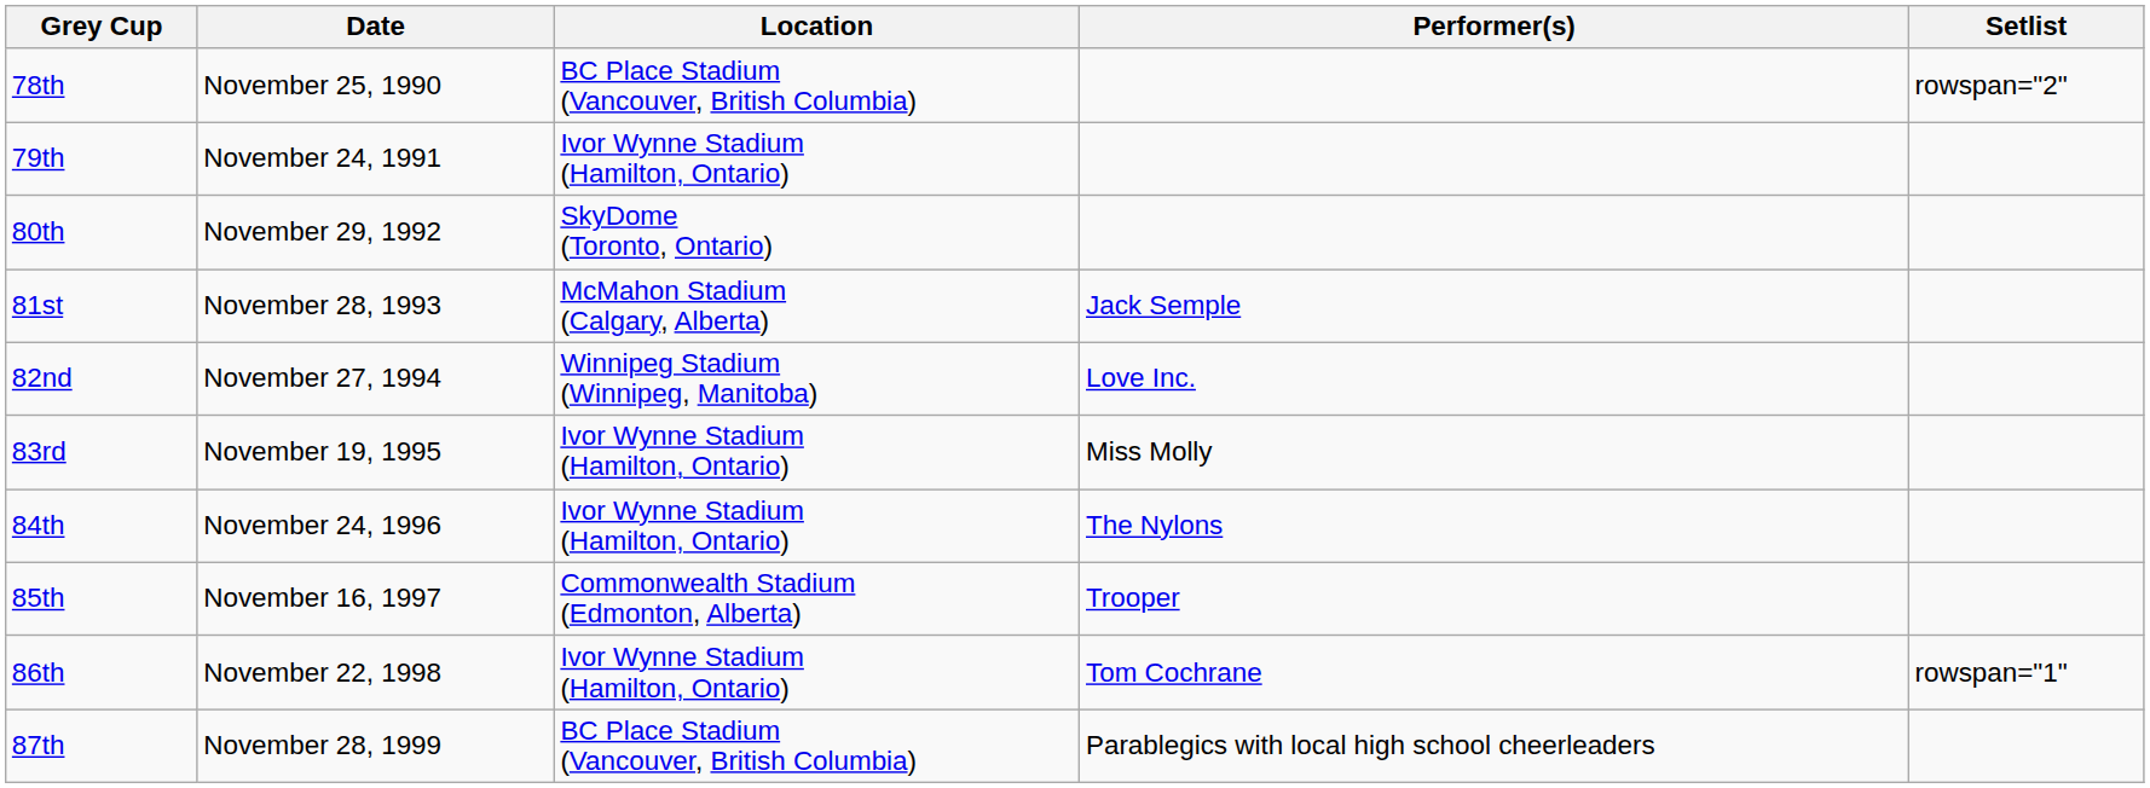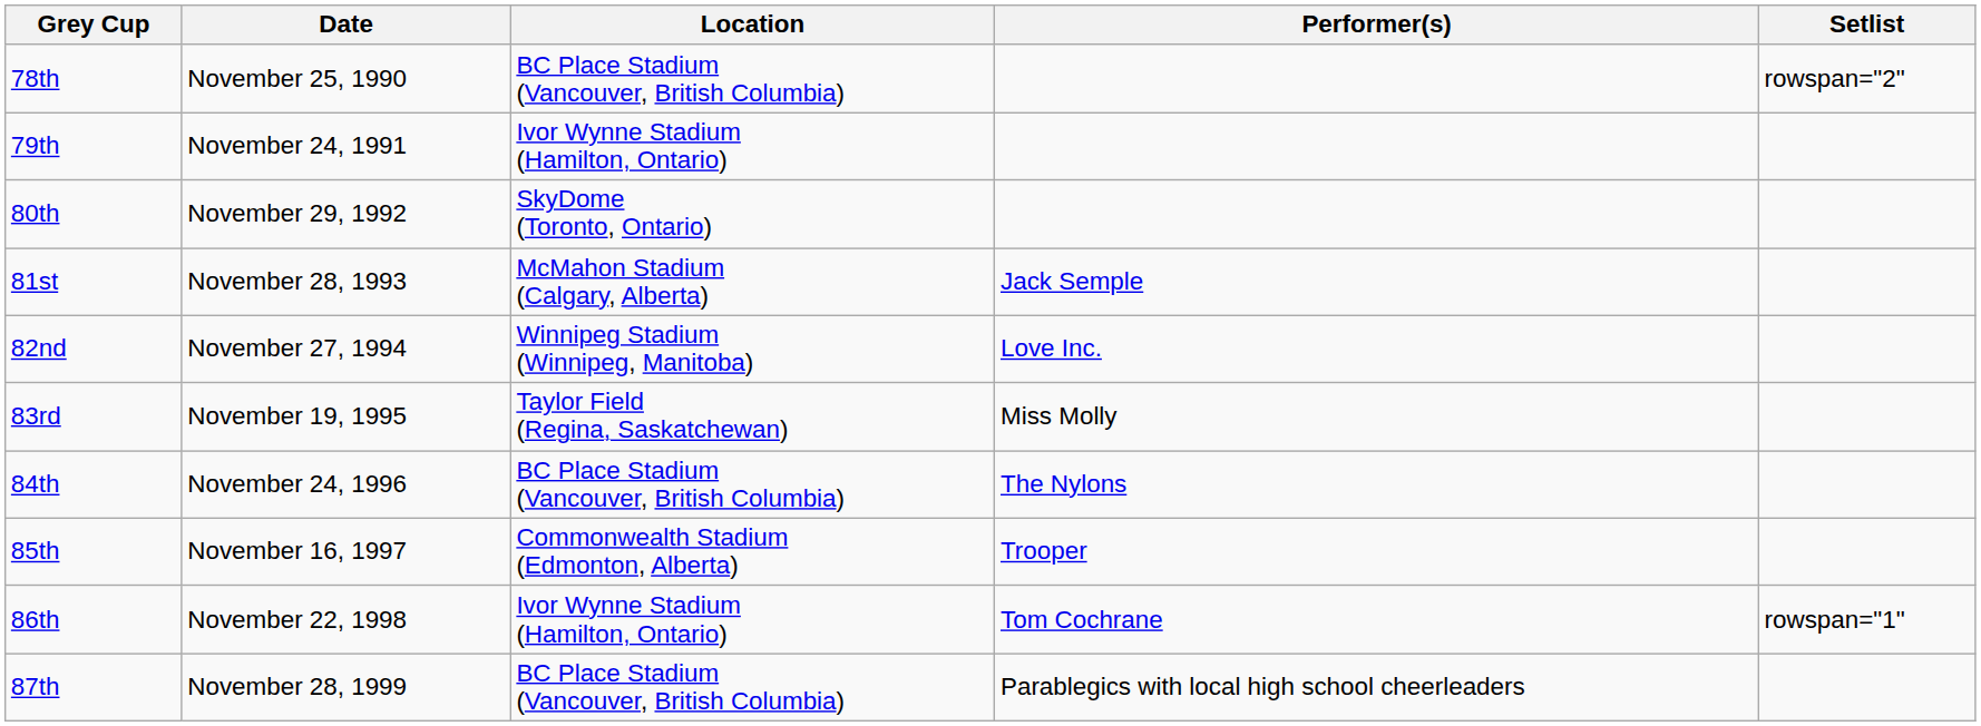 <table class="wikitable" style="width: 100%; text-align:left">
 <tr>
 <th>Grey Cup</th>
 <th>Date</th>
 <th>Location</th>
 <th>Performer(s)</th>
 <th>Setlist</th>
 </tr>
 <tr>
 <td><a href='#'>78th</a></td>
 <td>November 25, 1990</td>
 <td><a href='#'>BC Place Stadium</a><br>(<a href='#'>Vancouver</a>, <a href='#'>British Columbia</a>)</td>
 <td></td>
 <td>rowspan="2" </td>
 </tr>
 <tr>
 <td><a href='#'>79th</a></td>
 <td>November 24, 1991</td>
 <td><a href='#'>Ivor Wynne Stadium</a><br>(<a href='#'>Hamilton, Ontario</a>)</td>
 <td></td>
 <td></td>
 </tr>
 <tr>
 <td><a href='#'>80th</a></td>
 <td>November 29, 1992</td>
 <td><a href='#'>SkyDome</a><br>(<a href='#'>Toronto</a>, <a href='#'>Ontario</a>)</td>
 <td></td>
 <td></td>
 </tr>
 <tr>
 <td><a href='#'>81st</a></td>
 <td>November 28, 1993</td>
 <td><a href='#'>McMahon Stadium</a><br>(<a href='#'>Calgary</a>, <a href='#'>Alberta</a>)</td>
 <td><a href='#'>Jack Semple</a></td>
 <td></td>
 </tr>
 <tr>
 <td><a href='#'>82nd</a></td>
 <td>November 27, 1994</td>
 <td><a href='#'>Winnipeg Stadium</a><br>(<a href='#'>Winnipeg</a>, <a href='#'>Manitoba</a>)</td>
 <td><a href='#'>Love Inc.</a></td>
 <td></td>
 </tr>
 <tr>
 <td><a href='#'>83rd</a></td>
 <td>November 19, 1995</td>
-<td><a href='#'>Ivor Wynne Stadium</a><br>(<a href='#'>Hamilton, Ontario</a>)</td>
+<td><a href='#'>Taylor Field</a><br>(<a href='#'>Regina, Saskatchewan</a>)</td>
 <td>Miss Molly</td>
 <td></td>
 </tr>
 <tr>
 <td><a href='#'>84th</a></td>
 <td>November 24, 1996</td>
-<td><a href='#'>Ivor Wynne Stadium</a><br>(<a href='#'>Hamilton, Ontario</a>)</td>
+<td><a href='#'>BC Place Stadium</a><br>(<a href='#'>Vancouver</a>, <a href='#'>British Columbia</a>)</td>
 <td><a href='#'>The Nylons</a></td>
 <td></td>
 </tr>
 <tr>
 <td><a href='#'>85th</a></td>
 <td>November 16, 1997</td>
 <td><a href='#'>Commonwealth Stadium</a><br>(<a href='#'>Edmonton</a>, <a href='#'>Alberta</a>)</td>
 <td><a href='#'>Trooper</a></td>
 <td></td>
 </tr>
 <tr>
 <td><a href='#'>86th</a></td>
 <td>November 22, 1998</td>
 <td><a href='#'>Ivor Wynne Stadium</a><br>(<a href='#'>Hamilton, Ontario</a>)</td>
 <td><a href='#'>Tom Cochrane</a></td>
 <td>rowspan="1" </td>
 </tr>
 <tr>
 <td><a href='#'>87th</a></td>
 <td>November 28, 1999</td>
 <td><a href='#'>BC Place Stadium</a><br>(<a href='#'>Vancouver</a>, <a href='#'>British Columbia</a>)</td>
 <td>Parablegics with local high school cheerleaders</td>
 </tr>
 </table>
